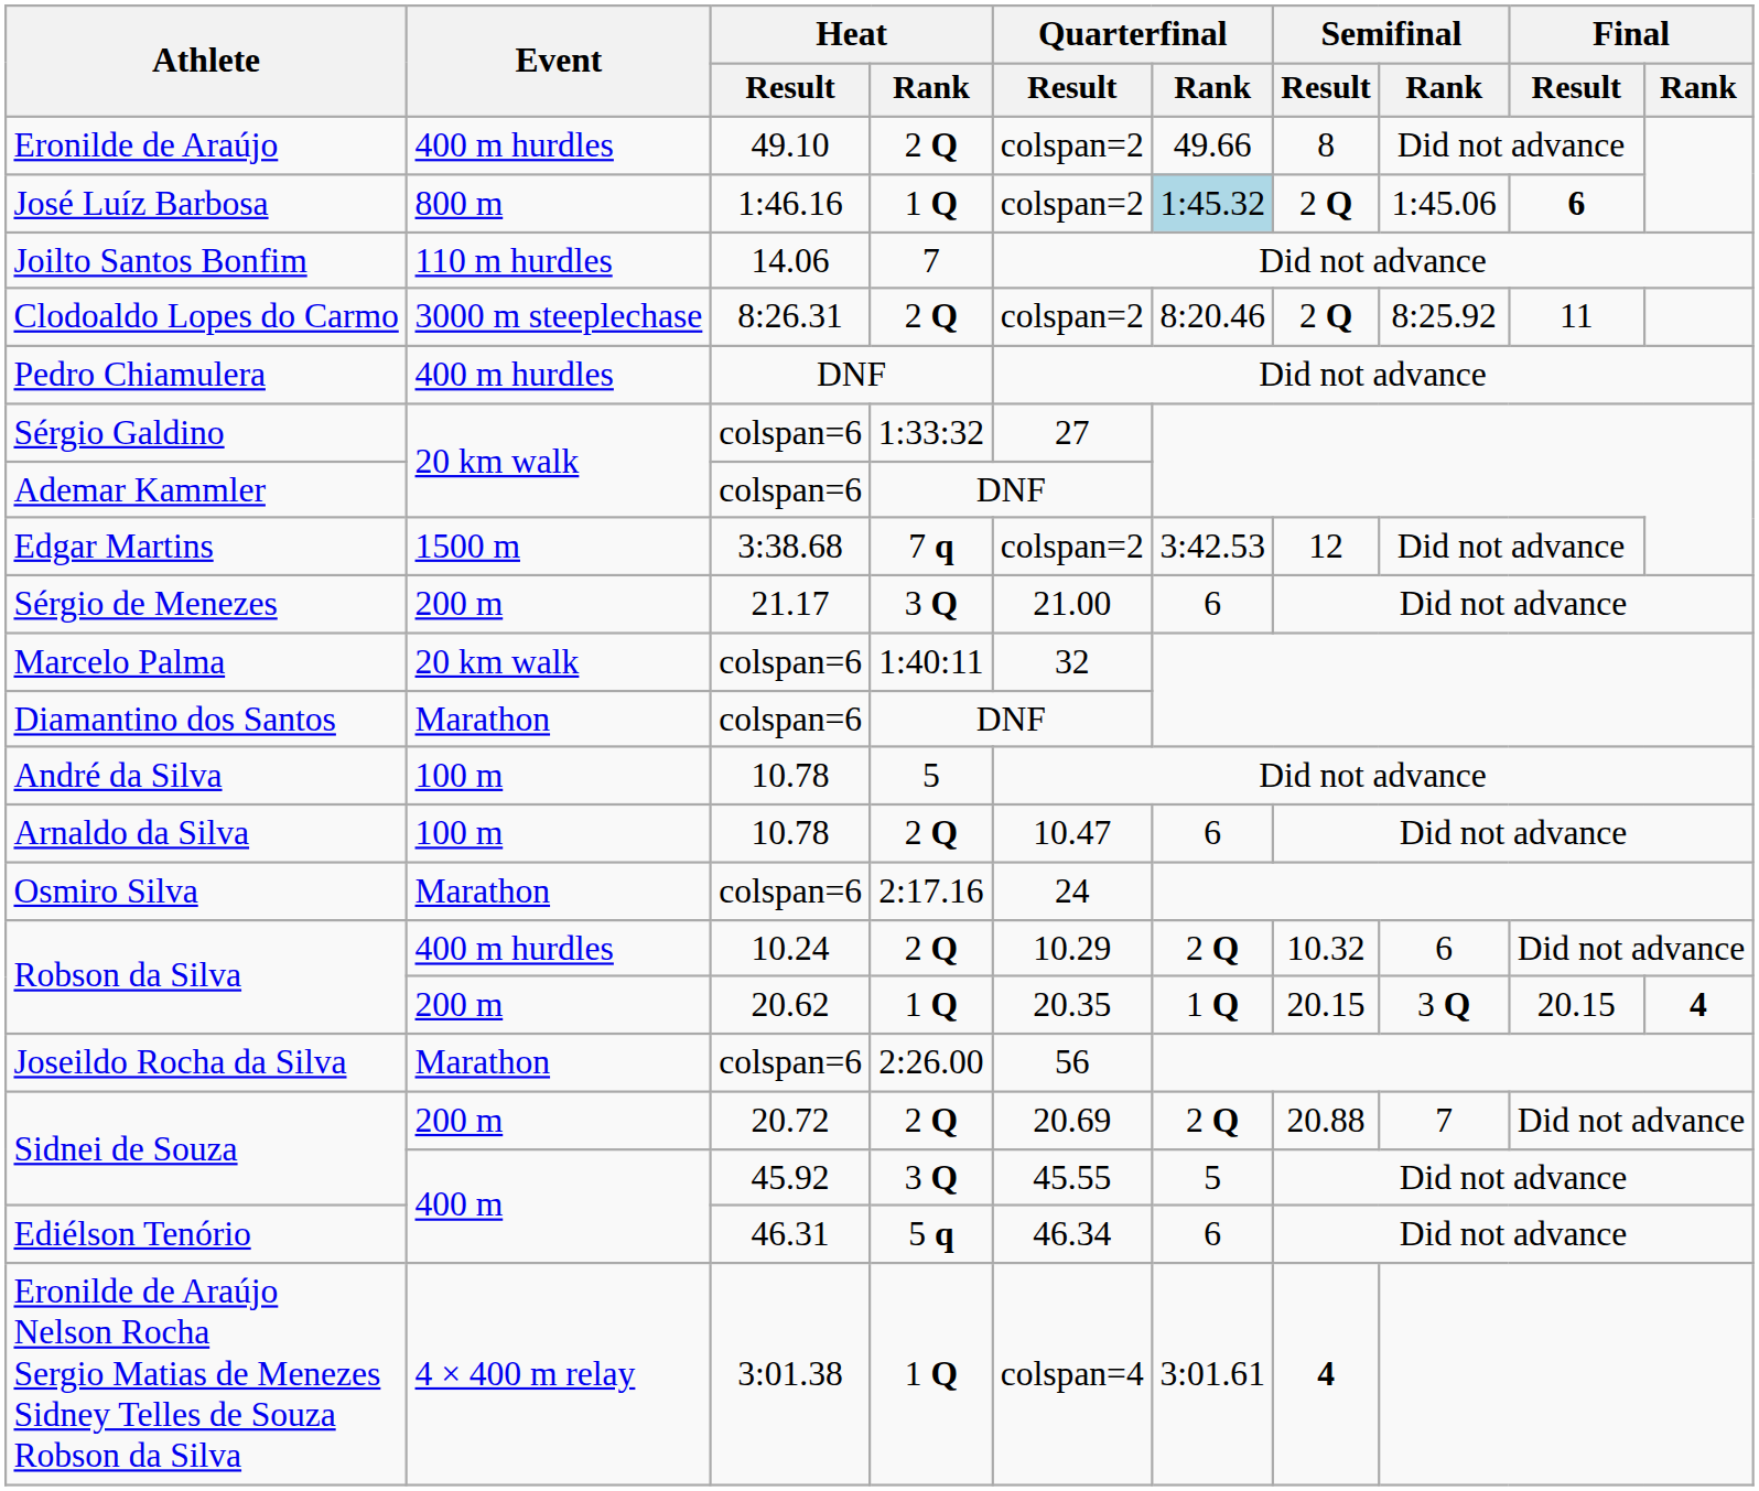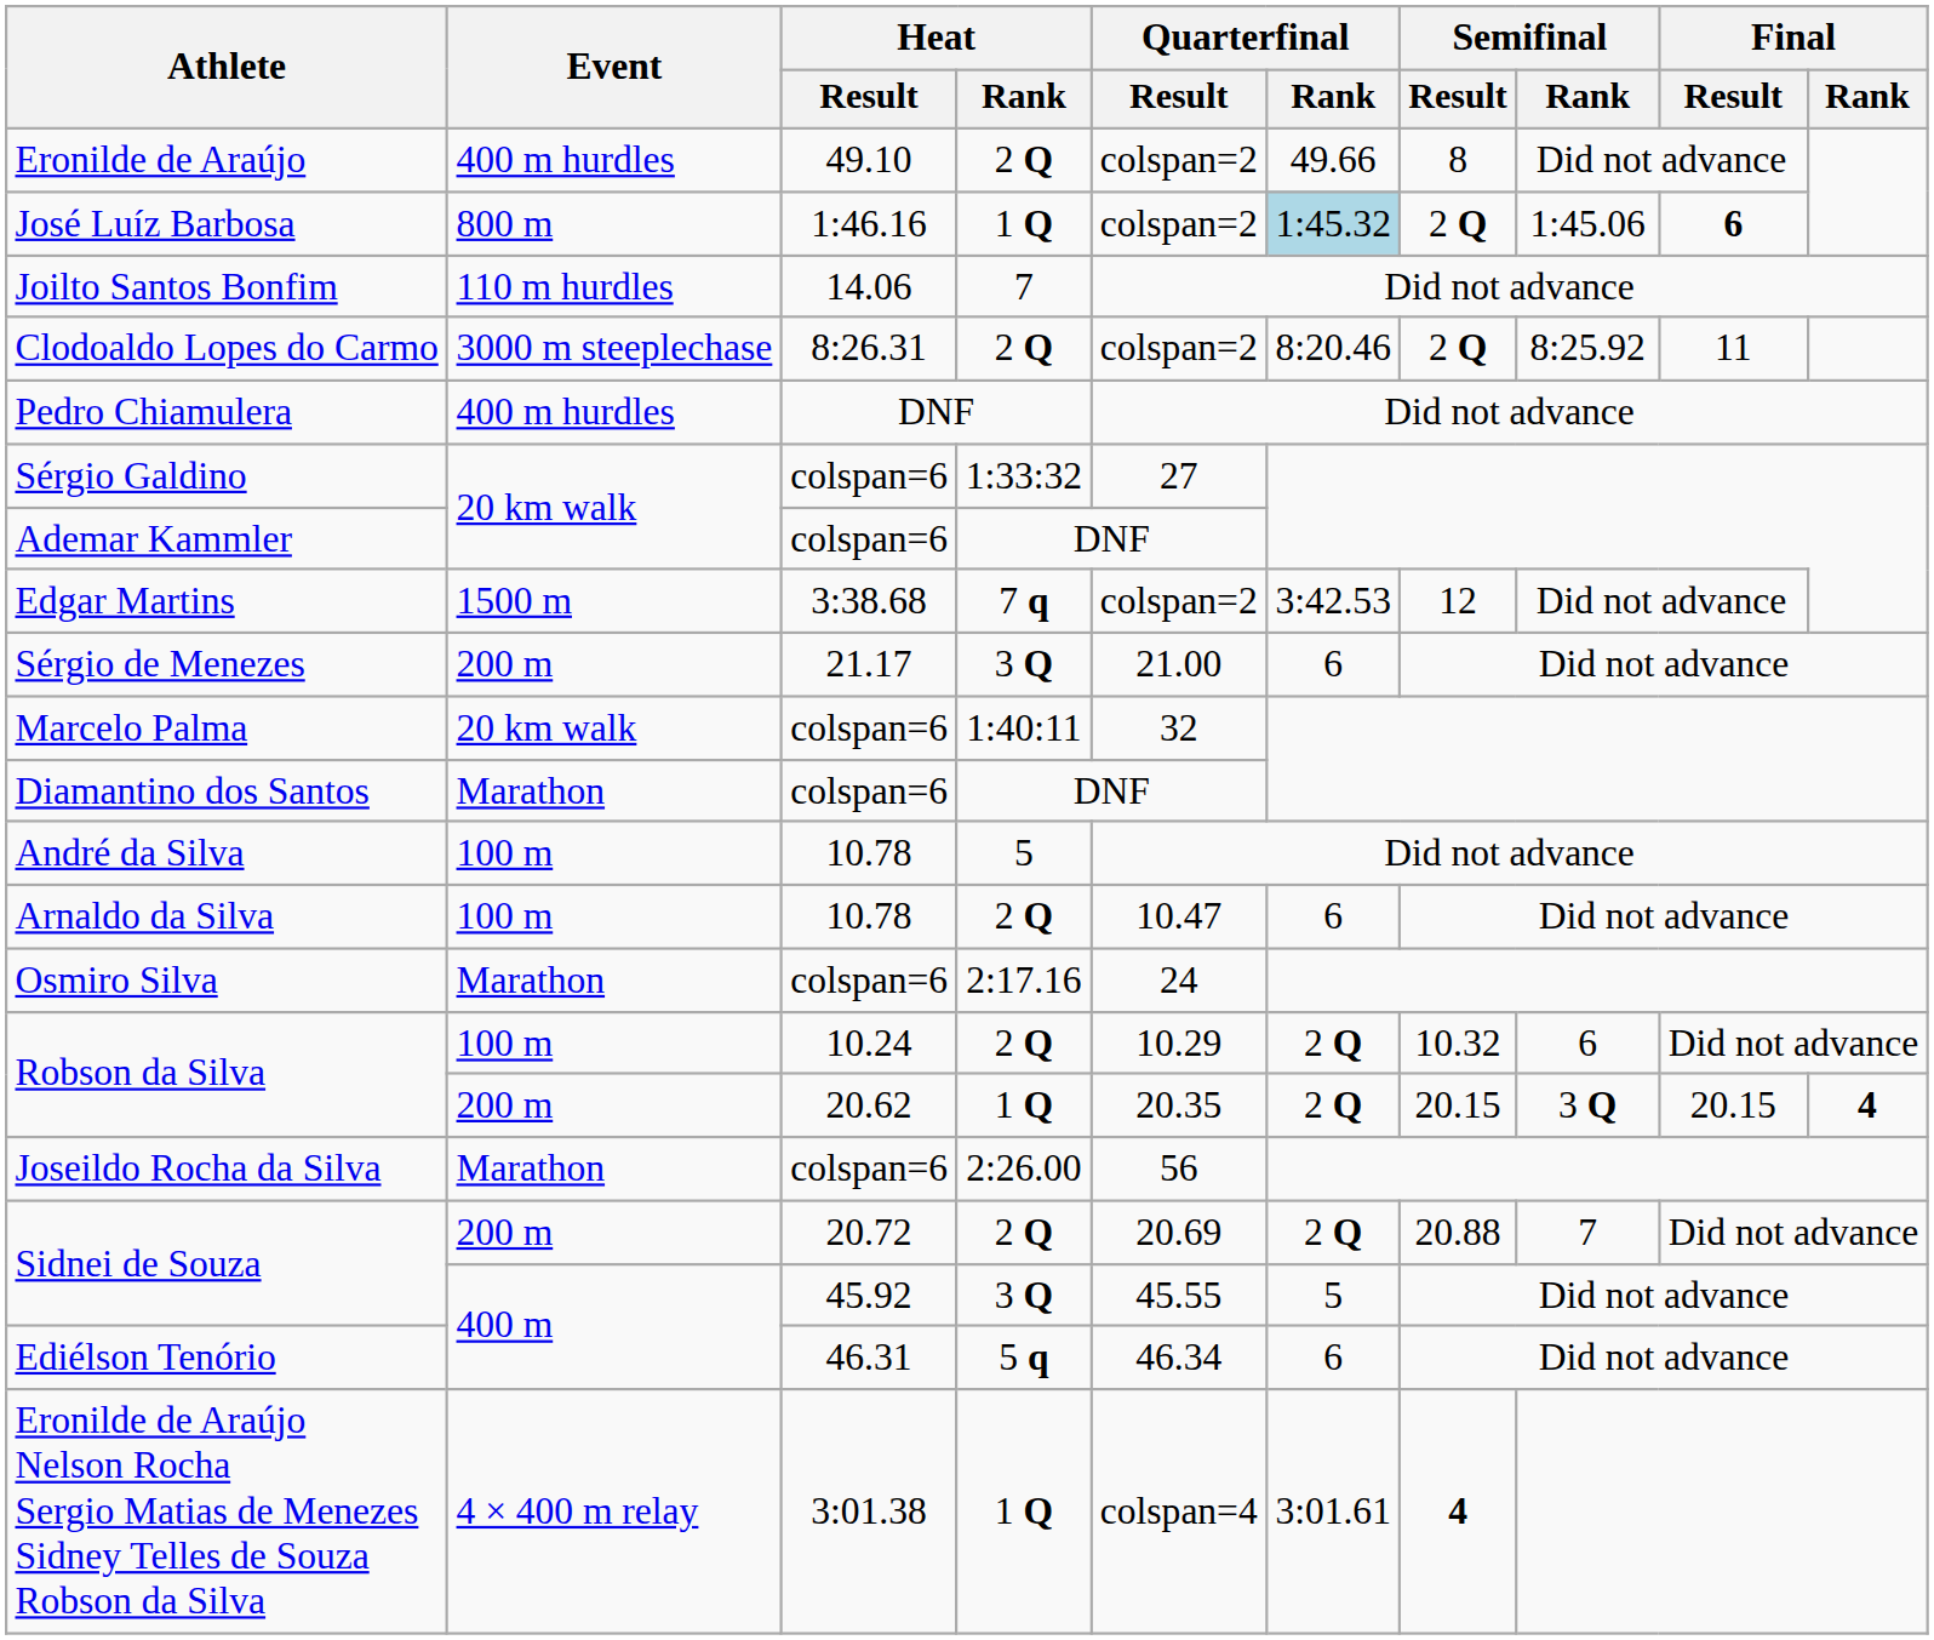 <table class="wikitable" style="font-size:90%">
 <tr>
 <th rowspan="2">Athlete</th>
 <th rowspan="2">Event</th>
 <th colspan="2">Heat</th>
 <th colspan="2">Quarterfinal</th>
 <th colspan="2">Semifinal</th>
 <th colspan="2">Final</th>
 </tr>
 <tr style="font-size:95%">
 <th>Result</th>
 <th>Rank</th>
 <th>Result</th>
 <th>Rank</th>
 <th>Result</th>
 <th>Rank</th>
 <th>Result</th>
 <th>Rank</th>
 </tr>
 <tr align=center>
 <td align=left rowspan="1"><a href='#'>Eronilde de Araújo</a></td>
 <td align=left rowspan="1"><a href='#'>400 m hurdles</a></td>
 <td>49.10</td>
 <td>2 <strong>Q</strong></td>
 <td>colspan=2 </td>
 <td>49.66</td>
 <td>8</td>
 <td colspan=2>Did not advance</td>
 </tr>
 <tr align=center>
 <td align=left rowspan="1"><a href='#'>José Luíz Barbosa</a></td>
 <td align=left rowspan="1"><a href='#'>800 m</a></td>
 <td>1:46.16</td>
 <td>1 <strong>Q</strong></td>
 <td>colspan=2 </td>
 <td style="background: lightblue;">1:45.32</td>
 <td>2 <strong>Q</strong></td>
 <td>1:45.06</td>
 <td><strong>6</strong></td>
 </tr>
 <tr align=center>
 <td align=left rowspan="1"><a href='#'>Joilto Santos Bonfim</a></td>
 <td align=left rowspan="1"><a href='#'>110 m hurdles</a></td>
 <td>14.06</td>
 <td>7</td>
 <td colspan=6>Did not advance</td>
 </tr>
 <tr align=center>
 <td align=left rowspan="1"><a href='#'>Clodoaldo Lopes do Carmo</a></td>
 <td align=left rowspan="1"><a href='#'>3000 m steeplechase</a></td>
 <td>8:26.31</td>
 <td>2 <strong>Q</strong></td>
 <td>colspan=2 </td>
 <td>8:20.46</td>
 <td>2 <strong>Q</strong></td>
 <td>8:25.92</td>
 <td>11</td>
 </tr>
 <tr align=center>
 <td align=left rowspan="1"><a href='#'>Pedro Chiamulera</a></td>
 <td align=left rowspan="1"><a href='#'>400 m hurdles</a></td>
 <td colspan=2>DNF</td>
 <td colspan=6>Did not advance</td>
 </tr>
 <tr align=center>
 <td align=left rowspan="1"><a href='#'>Sérgio Galdino</a></td>
 <td align=left rowspan="2"><a href='#'>20 km walk</a></td>
 <td>colspan=6 </td>
 <td>1:33:32</td>
 <td>27</td>
 </tr>
 <tr align=center>
 <td align=left rowspan="1"><a href='#'>Ademar Kammler</a></td>
 <td>colspan=6 </td>
 <td colspan=2>DNF</td>
 </tr>
 <tr align=center>
 <td align=left rowspan="1"><a href='#'>Edgar Martins</a></td>
 <td align=left rowspan="1"><a href='#'>1500 m</a></td>
 <td>3:38.68</td>
 <td>7 <strong>q</strong></td>
 <td>colspan=2 </td>
 <td>3:42.53</td>
 <td>12</td>
 <td colspan=2>Did not advance</td>
 </tr>
 <tr align=center>
 <td align=left rowspan="1"><a href='#'>Sérgio de Menezes</a></td>
 <td align=left rowspan="1"><a href='#'>200 m</a></td>
 <td>21.17</td>
 <td>3 <strong>Q</strong></td>
 <td>21.00</td>
 <td>6</td>
 <td colspan=4>Did not advance</td>
 </tr>
 <tr align=center>
 <td align=left rowspan="1"><a href='#'>Marcelo Palma</a></td>
 <td align=left><a href='#'>20 km walk</a></td>
 <td>colspan=6 </td>
 <td>1:40:11</td>
 <td>32</td>
 </tr>
 <tr align=center>
 <td align=left rowspan="1"><a href='#'>Diamantino dos Santos</a></td>
 <td align=left rowspan="1"><a href='#'>Marathon</a></td>
 <td>colspan=6 </td>
 <td colspan=2>DNF</td>
 </tr>
 <tr align=center>
 <td align=left rowspan="1"><a href='#'>André da Silva</a></td>
 <td align=left rowspan="1"><a href='#'>100 m</a></td>
 <td>10.78</td>
 <td>5</td>
 <td colspan=6>Did not advance</td>
 </tr>
 <tr align=center>
 <td align=left rowspan="1"><a href='#'>Arnaldo da Silva</a></td>
 <td align=left rowspan="1"><a href='#'>100 m</a></td>
 <td>10.78</td>
 <td>2 <strong>Q</strong></td>
 <td>10.47</td>
 <td>6</td>
 <td colspan=6>Did not advance</td>
 </tr>
 <tr align=center>
 <td align=left rowspan="1"><a href='#'>Osmiro Silva</a></td>
 <td align=left rowspan="1"><a href='#'>Marathon</a></td>
 <td>colspan=6 </td>
 <td>2:17.16</td>
 <td>24</td>
 </tr>
 <tr align=center>
 <td align=left rowspan="2"><a href='#'>Robson da Silva</a></td>
-<td align=left rowspan="1"><a href='#'>400 m hurdles</a></td>
+<td align=left rowspan="1"><a href='#'>100 m</a></td>
 <td>10.24</td>
 <td>2 <strong>Q</strong></td>
 <td>10.29</td>
 <td>2 <strong>Q</strong></td>
 <td>10.32</td>
 <td>6</td>
 <td colspan=2>Did not advance</td>
 </tr>
 <tr align=center>
 <td align=left rowspan="1"><a href='#'>200 m</a></td>
 <td>20.62</td>
 <td>1 <strong>Q</strong></td>
 <td>20.35</td>
-<td>1 <strong>Q</strong></td>
+<td>2 <strong>Q</strong></td>
 <td>20.15</td>
 <td>3 <strong>Q</strong></td>
 <td>20.15</td>
 <td><strong>4</strong></td>
 </tr>
 <tr align=center>
 <td align=left rowspan="1"><a href='#'>Joseildo Rocha da Silva</a></td>
 <td align=left rowspan="1"><a href='#'>Marathon</a></td>
 <td>colspan=6 </td>
 <td>2:26.00</td>
 <td>56</td>
 </tr>
 <tr align=center>
 <td align=left rowspan="2"><a href='#'>Sidnei de Souza</a></td>
 <td align=left rowspan="1"><a href='#'>200 m</a></td>
 <td>20.72</td>
 <td>2 <strong>Q</strong></td>
 <td>20.69</td>
 <td>2 <strong>Q</strong></td>
 <td>20.88</td>
 <td>7</td>
 <td colspan=2>Did not advance</td>
 </tr>
 <tr align=center>
 <td align=left rowspan="2"><a href='#'>400 m</a></td>
 <td>45.92</td>
 <td>3 <strong>Q</strong></td>
 <td>45.55</td>
 <td>5</td>
 <td colspan=4>Did not advance</td>
 </tr>
 <tr align=center>
 <td align=left rowspan="1"><a href='#'>Ediélson Tenório</a></td>
 <td>46.31</td>
 <td>5 <strong>q</strong></td>
 <td>46.34</td>
 <td>6</td>
 <td colspan=4>Did not advance</td>
 </tr>
 <tr align=center>
 <td align=left rowspan="1"><a href='#'>Eronilde de Araújo</a><br><a href='#'>Nelson Rocha</a><br><a href='#'>Sergio Matias de Menezes</a><br><a href='#'>Sidney Telles de Souza</a><br><a href='#'>Robson da Silva</a></td>
 <td align=left rowspan="1"><a href='#'>4 × 400 m relay</a></td>
 <td>3:01.38</td>
 <td>1 <strong>Q</strong></td>
 <td>colspan=4 </td>
 <td>3:01.61</td>
 <td><strong>4</strong></td>
 </tr>
 </table>
